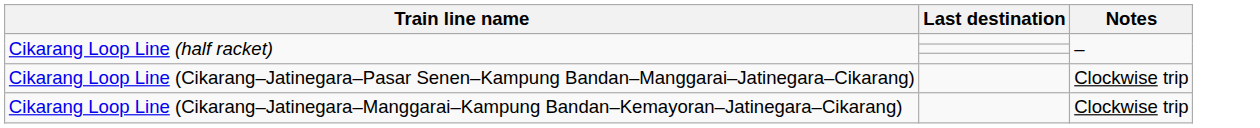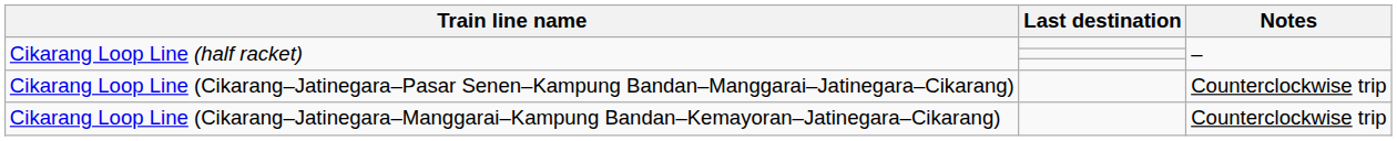 <table class="wikitable sortable">
 <tr>
 <th>Train line name</th>
 <th>Last destination</th>
 <th>Notes</th>
 </tr>
 <tr>
 <td rowspan="3"> <a href='#'>Cikarang Loop Line</a> <em>(half racket)</em></td>
 <td></td>
 <td rowspan="3">–</td>
 </tr>
 <tr>
 <td></td>
 </tr>
 <tr>
 <td></td>
 </tr>
 <tr>
 <td> <a href='#'>Cikarang Loop Line</a> (Cikarang–Jatinegara–Pasar Senen–Kampung Bandan–Manggarai–Jatinegara–Cikarang)</td>
 <td></td>
-<td><u>Clockwise</u> trip</td>
+<td><u>Counterclockwise</u> trip</td>
 </tr>
 <tr>
 <td> <a href='#'>Cikarang Loop Line</a> (Cikarang–Jatinegara–Manggarai–Kampung Bandan–Kemayoran–Jatinegara–Cikarang)</td>
 <td></td>
-<td><u>Clockwise</u> trip</td>
+<td><u>Counterclockwise</u> trip</td>
 </tr>
 </table>
